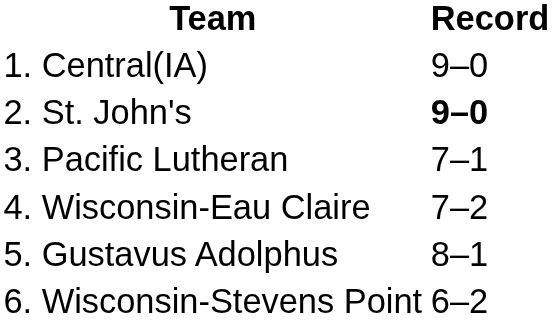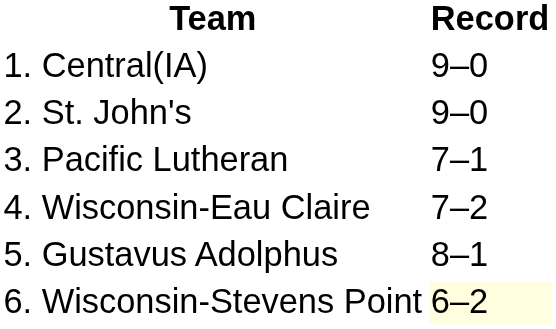 <table>
 <tr>
 <th>Team</th>
 <th>Record</th>
 </tr>
 <tr>
 <td>1. Central(IA)</td>
 <td>9–0</td>
 </tr>
 <tr>
 <td>2. St. John's</td>
-<td><strong>9–0</strong></td>
+<td>9–0</td>
 </tr>
 <tr>
 <td>3. Pacific Lutheran</td>
 <td>7–1</td>
 </tr>
 <tr>
 <td>4. Wisconsin-Eau Claire</td>
 <td>7–2</td>
 </tr>
 <tr>
 <td>5. Gustavus Adolphus</td>
 <td>8–1</td>
 </tr>
 <tr>
 <td>6. Wisconsin-Stevens Point</td>
-<td>6–2</td>
+<td style="background: lightyellow;">6–2</td>
 </tr>
 </table>
